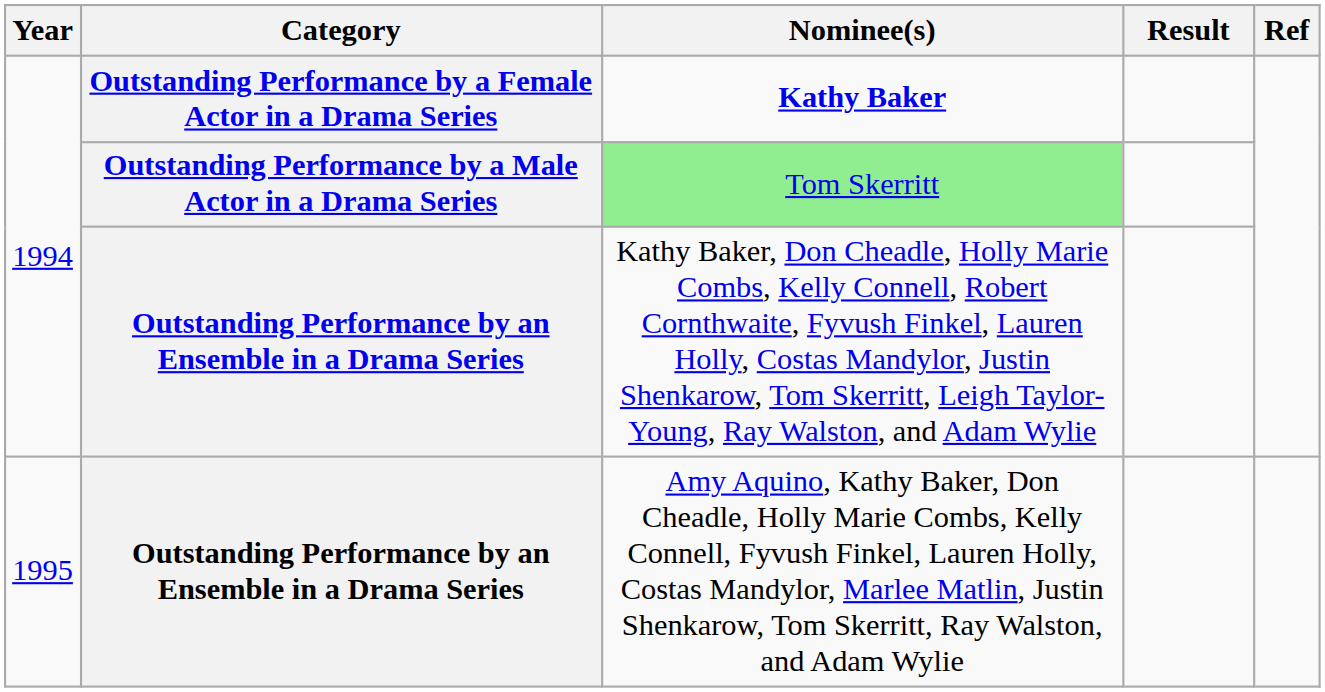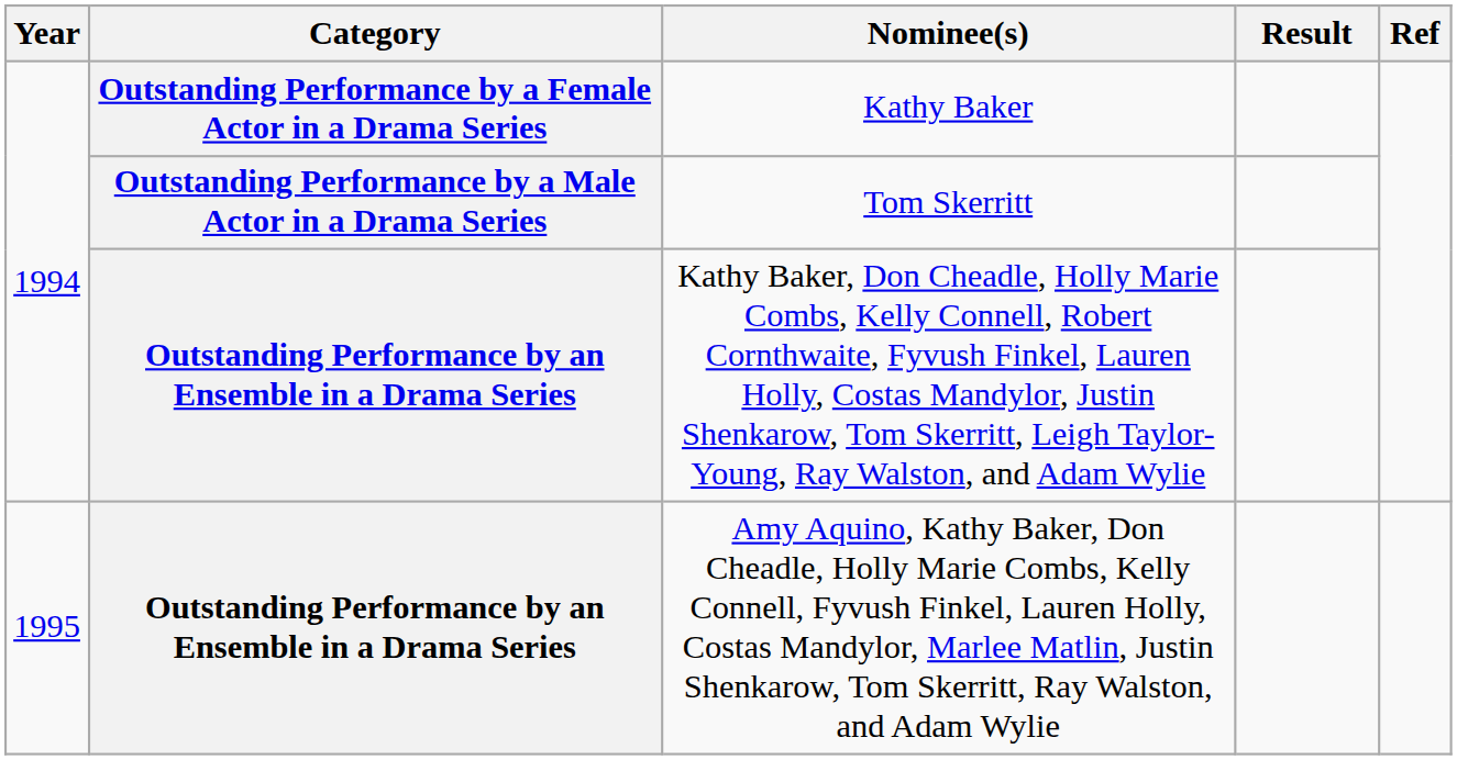 <table class="wikitable plainrowheaders" style="font-size: 90%; text-align:center" width=100%>
 <tr>
 <th scope="col" width="5%">Year</th>
 <th scope="col" width="40%">Category</th>
 <th scope="col" width="40%">Nominee(s)</th>
 <th scope="col" width="10%">Result</th>
 <th scope="col" width="5%">Ref</th>
 </tr>
 <tr>
 <td rowspan="3"><a href='#'>1994</a></td>
 <th scope="row" style="text-align:center"><a href='#'>Outstanding Performance by a Female Actor in a Drama Series</a></th>
-<td><strong><a href='#'>Kathy Baker</a> </strong></td>
+<td><a href='#'>Kathy Baker</a> </td>
 <td></td>
 <td rowspan="3"></td>
 </tr>
 <tr>
 <th scope="row" style="text-align:center"><a href='#'>Outstanding Performance by a Male Actor in a Drama Series</a></th>
-<td style="background: lightgreen;"><a href='#'>Tom Skerritt</a> </td>
+<td><a href='#'>Tom Skerritt</a> </td>
 <td></td>
 </tr>
 <tr>
 <th scope="row" style="text-align:center"><a href='#'>Outstanding Performance by an Ensemble in a Drama Series</a></th>
 <td>Kathy Baker, <a href='#'>Don Cheadle</a>, <a href='#'>Holly Marie Combs</a>, <a href='#'>Kelly Connell</a>, <a href='#'>Robert Cornthwaite</a>, <a href='#'>Fyvush Finkel</a>, <a href='#'>Lauren Holly</a>, <a href='#'>Costas Mandylor</a>, <a href='#'>Justin Shenkarow</a>, <a href='#'>Tom Skerritt</a>, <a href='#'>Leigh Taylor-Young</a>, <a href='#'>Ray Walston</a>, and <a href='#'>Adam Wylie</a></td>
 <td></td>
 </tr>
 <tr>
 <td><a href='#'>1995</a></td>
 <th scope="row" style="text-align:center">Outstanding Performance by an Ensemble in a Drama Series</th>
 <td><a href='#'>Amy Aquino</a>, Kathy Baker, Don Cheadle, Holly Marie Combs, Kelly Connell, Fyvush Finkel, Lauren Holly, Costas Mandylor, <a href='#'>Marlee Matlin</a>, Justin Shenkarow, Tom Skerritt, Ray Walston, and Adam Wylie</td>
 <td></td>
 <td></td>
 </tr>
 </table>
